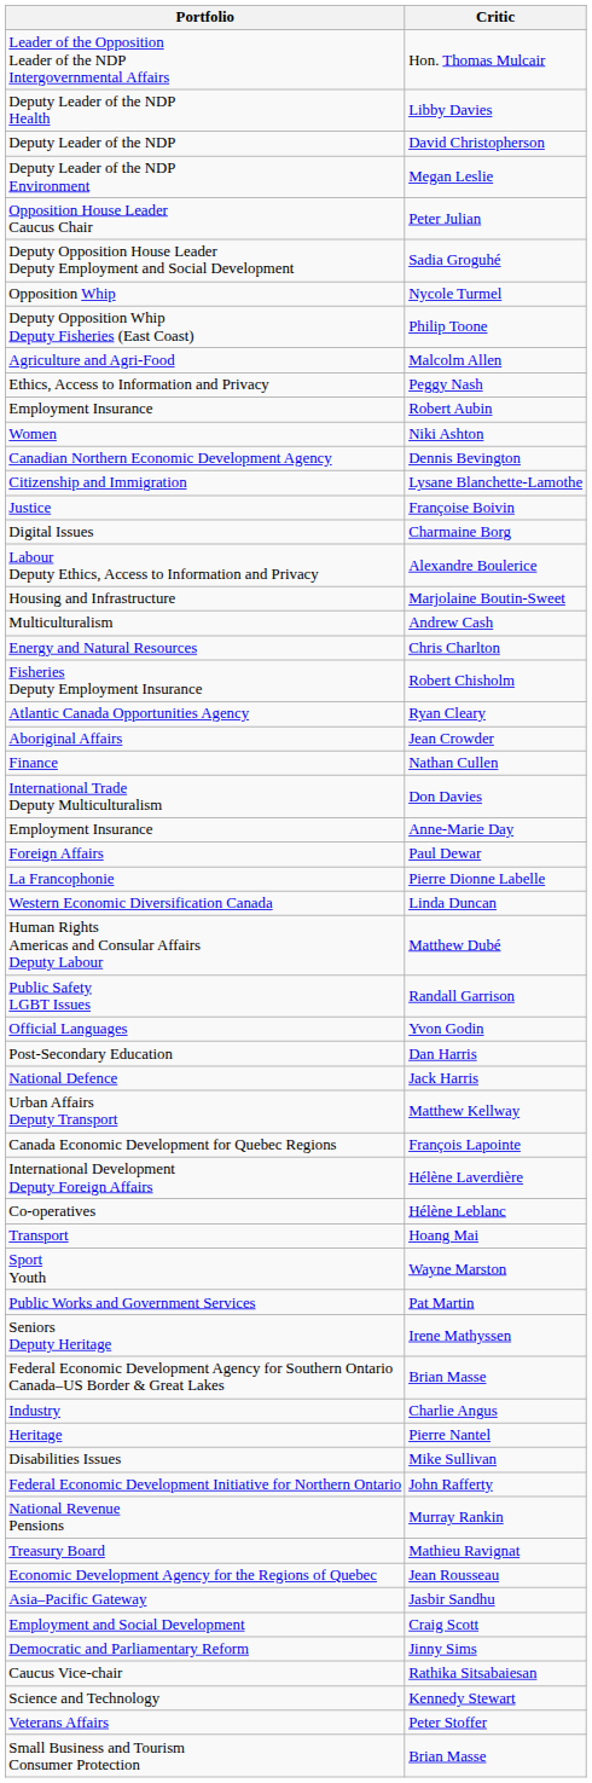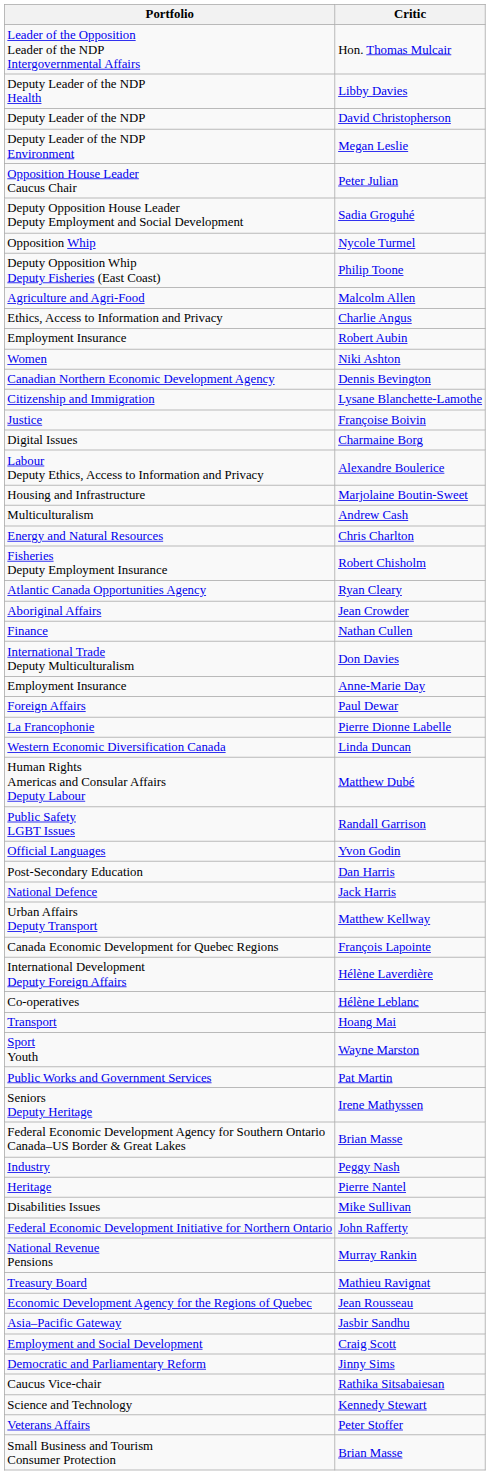 <table class="wikitable">
 <tr>
 <th>Portfolio</th>
 <th>Critic</th>
 </tr>
 <tr>
 <td><a href='#'>Leader of the Opposition</a><br>Leader of the NDP<br><a href='#'>Intergovernmental Affairs</a></td>
 <td>Hon. <a href='#'>Thomas Mulcair</a></td>
 </tr>
 <tr>
 <td>Deputy Leader of the NDP<br><a href='#'>Health</a></td>
 <td><a href='#'>Libby Davies</a></td>
 </tr>
 <tr>
 <td>Deputy Leader of the NDP</td>
 <td><a href='#'>David Christopherson</a></td>
 </tr>
 <tr>
 <td>Deputy Leader of the NDP<br><a href='#'>Environment</a></td>
 <td><a href='#'>Megan Leslie</a></td>
 </tr>
 <tr>
 <td><a href='#'>Opposition House Leader</a><br>Caucus Chair</td>
 <td><a href='#'>Peter Julian</a></td>
 </tr>
 <tr>
 <td>Deputy Opposition House Leader<br>Deputy Employment and Social Development</td>
 <td><a href='#'>Sadia Groguhé</a></td>
 </tr>
 <tr>
 <td>Opposition <a href='#'>Whip</a></td>
 <td><a href='#'>Nycole Turmel</a></td>
 </tr>
 <tr>
 <td>Deputy Opposition Whip<br><a href='#'>Deputy Fisheries</a> (East Coast)</td>
 <td><a href='#'>Philip Toone</a></td>
 </tr>
 <tr>
 <td><a href='#'>Agriculture and Agri-Food</a></td>
 <td><a href='#'>Malcolm Allen</a></td>
 </tr>
 <tr>
 <td>Ethics, Access to Information and Privacy</td>
-<td><a href='#'>Peggy Nash</a></td>
+<td><a href='#'>Charlie Angus</a></td>
 </tr>
 <tr>
 <td>Employment Insurance</td>
 <td><a href='#'>Robert Aubin</a></td>
 </tr>
 <tr>
 <td><a href='#'>Women</a></td>
 <td><a href='#'>Niki Ashton</a></td>
 </tr>
 <tr>
 <td><a href='#'>Canadian Northern Economic Development Agency</a></td>
 <td><a href='#'>Dennis Bevington</a></td>
 </tr>
 <tr>
 <td><a href='#'>Citizenship and Immigration</a></td>
 <td><a href='#'>Lysane Blanchette-Lamothe</a></td>
 </tr>
 <tr>
 <td><a href='#'>Justice</a></td>
 <td><a href='#'>Françoise Boivin</a></td>
 </tr>
 <tr>
 <td>Digital Issues</td>
 <td><a href='#'>Charmaine Borg</a></td>
 </tr>
 <tr>
 <td><a href='#'>Labour</a><br>Deputy Ethics, Access to Information and Privacy</td>
 <td><a href='#'>Alexandre Boulerice</a></td>
 </tr>
 <tr>
 <td>Housing and Infrastructure</td>
 <td><a href='#'>Marjolaine Boutin-Sweet</a></td>
 </tr>
 <tr>
 <td>Multiculturalism</td>
 <td><a href='#'>Andrew Cash</a></td>
 </tr>
 <tr>
 <td><a href='#'>Energy and Natural Resources</a></td>
 <td><a href='#'>Chris Charlton</a></td>
 </tr>
 <tr>
 <td><a href='#'>Fisheries</a><br>Deputy Employment Insurance</td>
 <td><a href='#'>Robert Chisholm</a></td>
 </tr>
 <tr>
 <td><a href='#'>Atlantic Canada Opportunities Agency</a></td>
 <td><a href='#'>Ryan Cleary</a></td>
 </tr>
 <tr>
 <td><a href='#'>Aboriginal Affairs</a></td>
 <td><a href='#'>Jean Crowder</a></td>
 </tr>
 <tr>
 <td><a href='#'>Finance</a></td>
 <td><a href='#'>Nathan Cullen</a></td>
 </tr>
 <tr>
 <td><a href='#'>International Trade</a><br>Deputy Multiculturalism</td>
 <td><a href='#'>Don Davies</a></td>
 </tr>
 <tr>
 <td>Employment Insurance</td>
 <td><a href='#'>Anne-Marie Day</a></td>
 </tr>
 <tr>
 <td><a href='#'>Foreign Affairs</a></td>
 <td><a href='#'>Paul Dewar</a></td>
 </tr>
 <tr>
 <td><a href='#'>La Francophonie</a></td>
 <td><a href='#'>Pierre Dionne Labelle</a></td>
 </tr>
 <tr>
 <td><a href='#'>Western Economic Diversification Canada</a></td>
 <td><a href='#'>Linda Duncan</a></td>
 </tr>
 <tr>
 <td>Human Rights<br>Americas and Consular Affairs<br><a href='#'>Deputy Labour</a></td>
 <td><a href='#'>Matthew Dubé</a></td>
 </tr>
 <tr>
 <td><a href='#'>Public Safety</a><br><a href='#'>LGBT Issues</a></td>
 <td><a href='#'>Randall Garrison</a></td>
 </tr>
 <tr>
 <td><a href='#'>Official Languages</a></td>
 <td><a href='#'>Yvon Godin</a></td>
 </tr>
 <tr>
 <td>Post-Secondary Education</td>
 <td><a href='#'>Dan Harris</a></td>
 </tr>
 <tr>
 <td><a href='#'>National Defence</a></td>
 <td><a href='#'>Jack Harris</a></td>
 </tr>
 <tr>
 <td>Urban Affairs<br><a href='#'>Deputy Transport</a></td>
 <td><a href='#'>Matthew Kellway</a></td>
 </tr>
 <tr>
 <td>Canada Economic Development for Quebec Regions</td>
 <td><a href='#'>François Lapointe</a></td>
 </tr>
 <tr>
 <td>International Development<br><a href='#'>Deputy Foreign Affairs</a></td>
 <td><a href='#'>Hélène Laverdière</a></td>
 </tr>
 <tr>
 <td>Co-operatives</td>
 <td><a href='#'>Hélène Leblanc</a></td>
 </tr>
 <tr>
 <td><a href='#'>Transport</a></td>
 <td><a href='#'>Hoang Mai</a></td>
 </tr>
 <tr>
 <td><a href='#'>Sport</a><br>Youth</td>
 <td><a href='#'>Wayne Marston</a></td>
 </tr>
 <tr>
 <td><a href='#'>Public Works and Government Services</a></td>
 <td><a href='#'>Pat Martin</a></td>
 </tr>
 <tr>
 <td>Seniors<br><a href='#'>Deputy Heritage</a></td>
 <td><a href='#'>Irene Mathyssen</a></td>
 </tr>
 <tr>
 <td>Federal Economic Development Agency for Southern Ontario<br>Canada–US Border & Great Lakes</td>
 <td><a href='#'>Brian Masse</a></td>
 </tr>
 <tr>
 <td><a href='#'>Industry</a></td>
-<td><a href='#'>Charlie Angus</a></td>
+<td><a href='#'>Peggy Nash</a></td>
 </tr>
 <tr>
 <td><a href='#'>Heritage</a></td>
 <td><a href='#'>Pierre Nantel</a></td>
 </tr>
 <tr>
 <td>Disabilities Issues</td>
 <td><a href='#'>Mike Sullivan</a></td>
 </tr>
 <tr>
 <td><a href='#'>Federal Economic Development Initiative for Northern Ontario</a></td>
 <td><a href='#'>John Rafferty</a></td>
 </tr>
 <tr>
 <td><a href='#'>National Revenue</a><br>Pensions</td>
 <td><a href='#'>Murray Rankin</a></td>
 </tr>
 <tr>
 <td><a href='#'>Treasury Board</a></td>
 <td><a href='#'>Mathieu Ravignat</a></td>
 </tr>
 <tr>
 <td><a href='#'>Economic Development Agency for the Regions of Quebec</a></td>
 <td><a href='#'>Jean Rousseau</a></td>
 </tr>
 <tr>
 <td><a href='#'>Asia–Pacific Gateway</a></td>
 <td><a href='#'>Jasbir Sandhu</a></td>
 </tr>
 <tr>
 <td><a href='#'>Employment and Social Development</a></td>
 <td><a href='#'>Craig Scott</a></td>
 </tr>
 <tr>
 <td><a href='#'>Democratic and Parliamentary Reform</a></td>
 <td><a href='#'>Jinny Sims</a></td>
 </tr>
 <tr>
 <td>Caucus Vice-chair</td>
 <td><a href='#'>Rathika Sitsabaiesan</a></td>
 </tr>
 <tr>
 <td>Science and Technology</td>
 <td><a href='#'>Kennedy Stewart</a></td>
 </tr>
 <tr>
 <td><a href='#'>Veterans Affairs</a></td>
 <td><a href='#'>Peter Stoffer</a></td>
 </tr>
 <tr>
 <td>Small Business and Tourism<br>Consumer Protection</td>
 <td><a href='#'>Brian Masse</a></td>
 </tr>
 </table>
